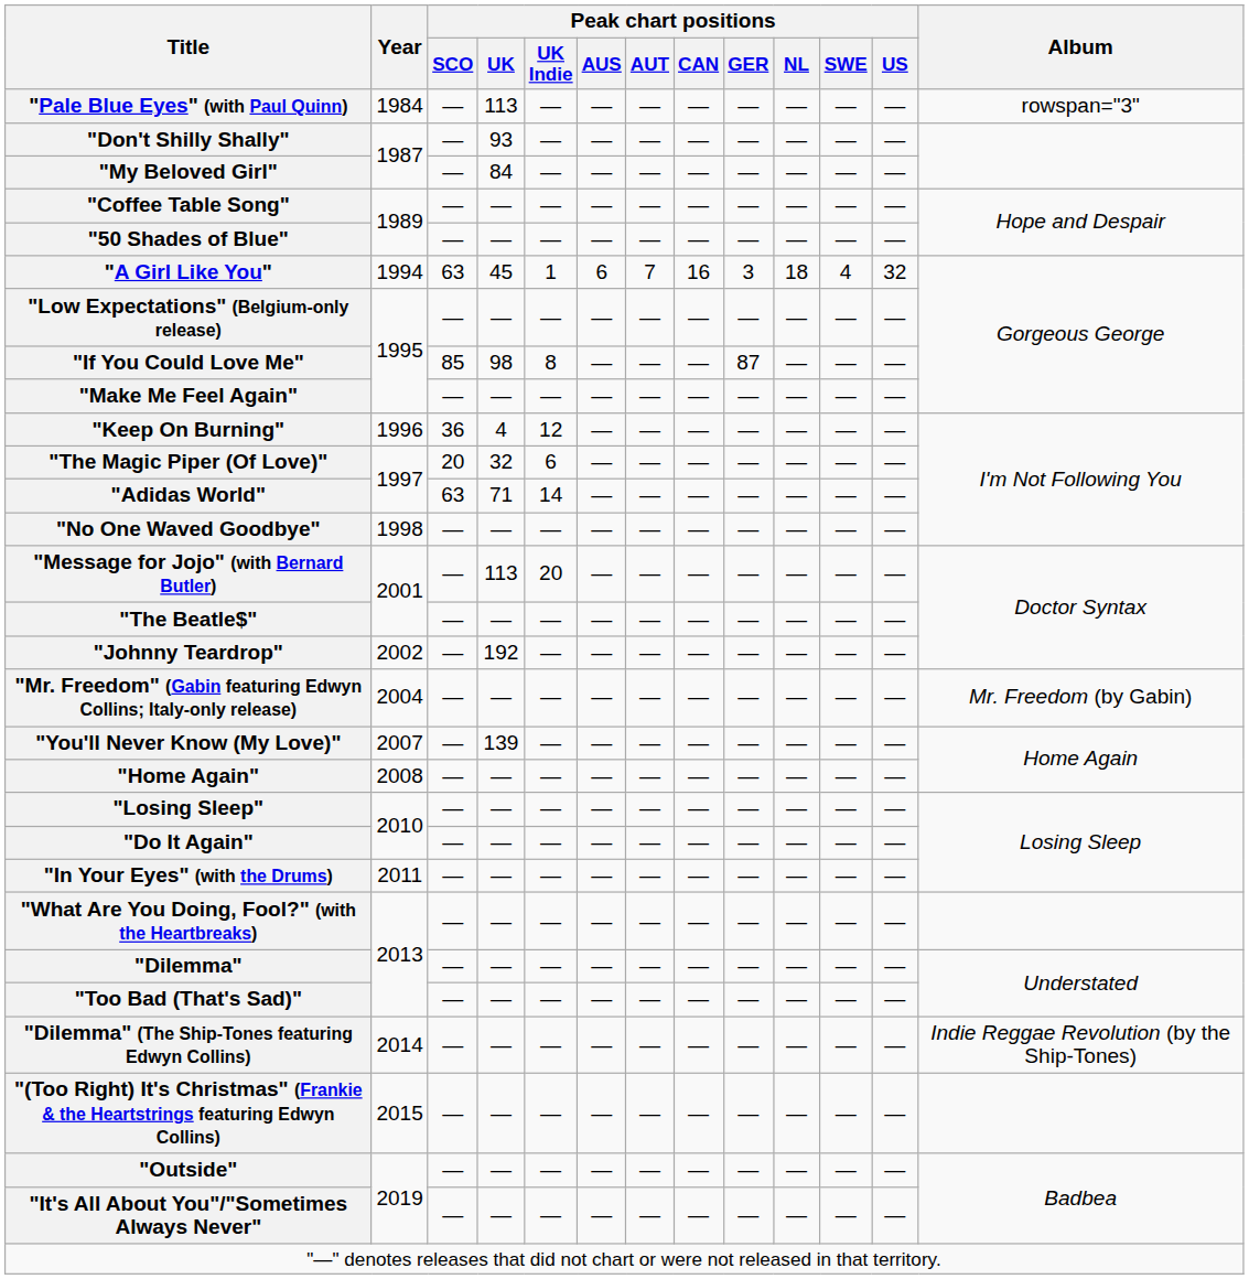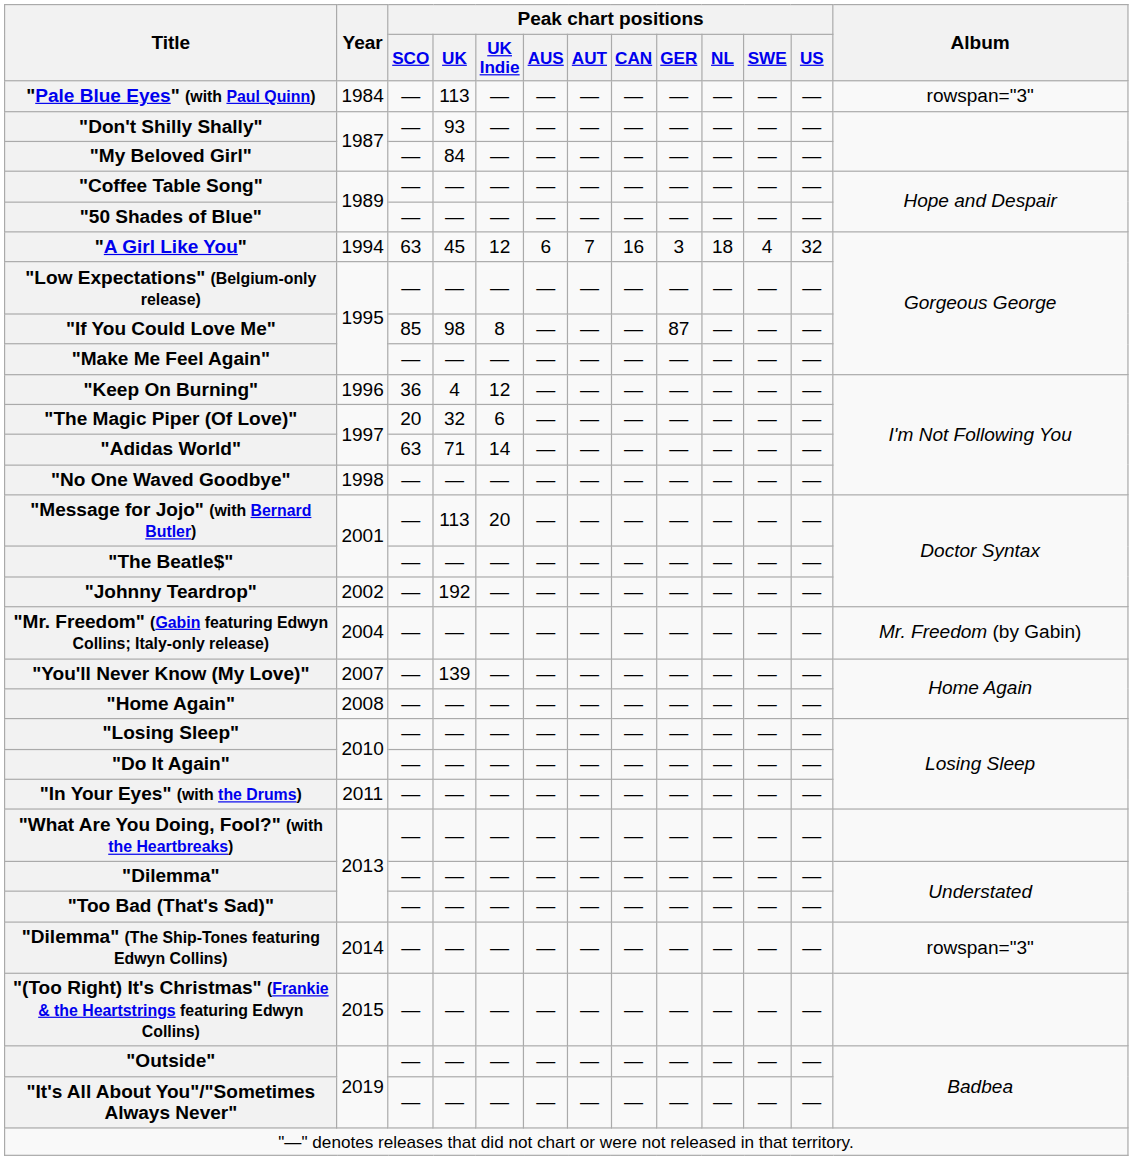 <table class="wikitable plainrowheaders" style="text-align:center;">
 <tr>
 <th rowspan="2" scope="col" style="width:17em;">Title</th>
 <th rowspan="2" scope="col" style="width:2em;">Year</th>
 <th colspan="10">Peak chart positions</th>
 <th rowspan="2" style="width:15em;">Album</th>
 </tr>
 <tr>
 <th scope="col" style="width:2em;font-size:90%;"><a href='#'>SCO</a><br></th>
 <th scope="col" style="width:2em;font-size:90%;"><a href='#'>UK</a><br></th>
 <th scope="col" style="width:2em;font-size:90%;"><a href='#'>UK Indie</a><br></th>
 <th scope="col" style="width:2em;font-size:90%;"><a href='#'>AUS</a><br></th>
 <th scope="col" style="width:2em;font-size:90%;"><a href='#'>AUT</a><br></th>
 <th scope="col" style="width:2em;font-size:90%;"><a href='#'>CAN</a><br></th>
 <th scope="col" style="width:2em;font-size:90%;"><a href='#'>GER</a><br></th>
 <th scope="col" style="width:2em;font-size:90%;"><a href='#'>NL</a><br></th>
 <th scope="col" style="width:2em;font-size:90%;"><a href='#'>SWE</a><br></th>
 <th scope="col" style="width:2em;font-size:90%;"><a href='#'>US</a><br></th>
 </tr>
 <tr>
 <th scope="row">"<a href='#'>Pale Blue Eyes</a>" <small>(with <a href='#'>Paul Quinn</a>)</small></th>
 <td>1984</td>
 <td>—</td>
 <td>113</td>
 <td>—</td>
 <td>—</td>
 <td>—</td>
 <td>—</td>
 <td>—</td>
 <td>—</td>
 <td>—</td>
 <td>—</td>
 <td>rowspan="3" </td>
 </tr>
 <tr>
 <th scope="row">"Don't Shilly Shally"</th>
 <td rowspan="2">1987</td>
 <td>—</td>
 <td>93</td>
 <td>—</td>
 <td>—</td>
 <td>—</td>
 <td>—</td>
 <td>—</td>
 <td>—</td>
 <td>—</td>
 <td>—</td>
 </tr>
 <tr>
 <th scope="row">"My Beloved Girl"</th>
 <td>—</td>
 <td>84</td>
 <td>—</td>
 <td>—</td>
 <td>—</td>
 <td>—</td>
 <td>—</td>
 <td>—</td>
 <td>—</td>
 <td>—</td>
 </tr>
 <tr>
 <th scope="row">"Coffee Table Song"</th>
 <td rowspan="2">1989</td>
 <td>—</td>
 <td>—</td>
 <td>—</td>
 <td>—</td>
 <td>—</td>
 <td>—</td>
 <td>—</td>
 <td>—</td>
 <td>—</td>
 <td>—</td>
 <td rowspan="2"><em>Hope and Despair</em></td>
 </tr>
 <tr>
 <th scope="row">"50 Shades of Blue"</th>
 <td>—</td>
 <td>—</td>
 <td>—</td>
 <td>—</td>
 <td>—</td>
 <td>—</td>
 <td>—</td>
 <td>—</td>
 <td>—</td>
 <td>—</td>
 </tr>
 <tr>
 <th scope="row">"<a href='#'>A Girl Like You</a>"</th>
 <td>1994</td>
 <td>63</td>
 <td>45</td>
-<td>1</td>
+<td>12</td>
 <td>6</td>
 <td>7</td>
 <td>16</td>
 <td>3</td>
 <td>18</td>
 <td>4</td>
 <td>32</td>
 <td rowspan="4"><em>Gorgeous George</em></td>
 </tr>
 <tr>
 <th scope="row">"Low Expectations" <small>(Belgium-only release)</small></th>
 <td rowspan="3">1995</td>
 <td>—</td>
 <td>—</td>
 <td>—</td>
 <td>—</td>
 <td>—</td>
 <td>—</td>
 <td>—</td>
 <td>—</td>
 <td>—</td>
 <td>—</td>
 </tr>
 <tr>
 <th scope="row">"If You Could Love Me"</th>
 <td>85</td>
 <td>98</td>
 <td>8</td>
 <td>—</td>
 <td>—</td>
 <td>—</td>
 <td>87</td>
 <td>—</td>
 <td>—</td>
 <td>—</td>
 </tr>
 <tr>
 <th scope="row">"Make Me Feel Again"</th>
 <td>—</td>
 <td>—</td>
 <td>—</td>
 <td>—</td>
 <td>—</td>
 <td>—</td>
 <td>—</td>
 <td>—</td>
 <td>—</td>
 <td>—</td>
 </tr>
 <tr>
 <th scope="row">"Keep On Burning"</th>
 <td>1996</td>
 <td>36</td>
 <td>4</td>
 <td>12</td>
 <td>—</td>
 <td>—</td>
 <td>—</td>
 <td>—</td>
 <td>—</td>
 <td>—</td>
 <td>—</td>
 <td rowspan="4"><em>I'm Not Following You</em></td>
 </tr>
 <tr>
 <th scope="row">"The Magic Piper (Of Love)"</th>
 <td rowspan="2">1997</td>
 <td>20</td>
 <td>32</td>
 <td>6</td>
 <td>—</td>
 <td>—</td>
 <td>—</td>
 <td>—</td>
 <td>—</td>
 <td>—</td>
 <td>—</td>
 </tr>
 <tr>
 <th scope="row">"Adidas World"</th>
 <td>63</td>
 <td>71</td>
 <td>14</td>
 <td>—</td>
 <td>—</td>
 <td>—</td>
 <td>—</td>
 <td>—</td>
 <td>—</td>
 <td>—</td>
 </tr>
 <tr>
 <th scope="row">"No One Waved Goodbye"</th>
 <td>1998</td>
 <td>—</td>
 <td>—</td>
 <td>—</td>
 <td>—</td>
 <td>—</td>
 <td>—</td>
 <td>—</td>
 <td>—</td>
 <td>—</td>
 <td>—</td>
 </tr>
 <tr>
 <th scope="row">"Message for Jojo" <small>(with <a href='#'>Bernard Butler</a>)</small></th>
 <td rowspan="2">2001</td>
 <td>—</td>
 <td>113</td>
 <td>20</td>
 <td>—</td>
 <td>—</td>
 <td>—</td>
 <td>—</td>
 <td>—</td>
 <td>—</td>
 <td>—</td>
 <td rowspan="3"><em>Doctor Syntax</em></td>
 </tr>
 <tr>
 <th scope="row">"The Beatle$"</th>
 <td>—</td>
 <td>—</td>
 <td>—</td>
 <td>—</td>
 <td>—</td>
 <td>—</td>
 <td>—</td>
 <td>—</td>
 <td>—</td>
 <td>—</td>
 </tr>
 <tr>
 <th scope="row">"Johnny Teardrop"</th>
 <td>2002</td>
 <td>—</td>
 <td>192</td>
 <td>—</td>
 <td>—</td>
 <td>—</td>
 <td>—</td>
 <td>—</td>
 <td>—</td>
 <td>—</td>
 <td>—</td>
 </tr>
 <tr>
 <th scope="row">"Mr. Freedom" <small>(<a href='#'>Gabin</a> featuring Edwyn Collins; Italy-only release)</small></th>
 <td>2004</td>
 <td>—</td>
 <td>—</td>
 <td>—</td>
 <td>—</td>
 <td>—</td>
 <td>—</td>
 <td>—</td>
 <td>—</td>
 <td>—</td>
 <td>—</td>
 <td><em>Mr. Freedom</em> (by Gabin)</td>
 </tr>
 <tr>
 <th scope="row">"You'll Never Know (My Love)"</th>
 <td>2007</td>
 <td>—</td>
 <td>139</td>
 <td>—</td>
 <td>—</td>
 <td>—</td>
 <td>—</td>
 <td>—</td>
 <td>—</td>
 <td>—</td>
 <td>—</td>
 <td rowspan="2"><em>Home Again</em></td>
 </tr>
 <tr>
 <th scope="row">"Home Again"</th>
 <td>2008</td>
 <td>—</td>
 <td>—</td>
 <td>—</td>
 <td>—</td>
 <td>—</td>
 <td>—</td>
 <td>—</td>
 <td>—</td>
 <td>—</td>
 <td>—</td>
 </tr>
 <tr>
 <th scope="row">"Losing Sleep"</th>
 <td rowspan="2">2010</td>
 <td>—</td>
 <td>—</td>
 <td>—</td>
 <td>—</td>
 <td>—</td>
 <td>—</td>
 <td>—</td>
 <td>—</td>
 <td>—</td>
 <td>—</td>
 <td rowspan="3"><em>Losing Sleep</em></td>
 </tr>
 <tr>
 <th scope="row">"Do It Again"</th>
 <td>—</td>
 <td>—</td>
 <td>—</td>
 <td>—</td>
 <td>—</td>
 <td>—</td>
 <td>—</td>
 <td>—</td>
 <td>—</td>
 <td>—</td>
 </tr>
 <tr>
 <th scope="row">"In Your Eyes" <small>(with <a href='#'>the Drums</a>)</small></th>
 <td>2011</td>
 <td>—</td>
 <td>—</td>
 <td>—</td>
 <td>—</td>
 <td>—</td>
 <td>—</td>
 <td>—</td>
 <td>—</td>
 <td>—</td>
 <td>—</td>
 </tr>
 <tr>
 <th scope="row">"What Are You Doing, Fool?" <small>(with <a href='#'>the Heartbreaks</a>)</small></th>
 <td rowspan="3">2013</td>
 <td>—</td>
 <td>—</td>
 <td>—</td>
 <td>—</td>
 <td>—</td>
 <td>—</td>
 <td>—</td>
 <td>—</td>
 <td>—</td>
 <td>—</td>
 <td></td>
 </tr>
 <tr>
 <th scope="row">"Dilemma"</th>
 <td>—</td>
 <td>—</td>
 <td>—</td>
 <td>—</td>
 <td>—</td>
 <td>—</td>
 <td>—</td>
 <td>—</td>
 <td>—</td>
 <td>—</td>
 <td rowspan="2"><em>Understated</em></td>
 </tr>
 <tr>
 <th scope="row">"Too Bad (That's Sad)"</th>
 <td>—</td>
 <td>—</td>
 <td>—</td>
 <td>—</td>
 <td>—</td>
 <td>—</td>
 <td>—</td>
 <td>—</td>
 <td>—</td>
 <td>—</td>
 </tr>
 <tr>
 <th scope="row">"Dilemma" <small>(The Ship-Tones featuring Edwyn Collins)</small></th>
 <td>2014</td>
 <td>—</td>
 <td>—</td>
 <td>—</td>
 <td>—</td>
 <td>—</td>
 <td>—</td>
 <td>—</td>
 <td>—</td>
 <td>—</td>
 <td>—</td>
-<td><em>Indie Reggae Revolution</em> (by the Ship-Tones)</td>
+<td>rowspan="3" </td>
 </tr>
 <tr>
 <th scope="row">"(Too Right) It's Christmas" <small>(<a href='#'>Frankie & the Heartstrings</a> featuring Edwyn Collins)</small></th>
 <td>2015</td>
 <td>—</td>
 <td>—</td>
 <td>—</td>
 <td>—</td>
 <td>—</td>
 <td>—</td>
 <td>—</td>
 <td>—</td>
 <td>—</td>
 <td>—</td>
 <td></td>
 </tr>
 <tr>
 <th scope="row">"Outside"</th>
 <td rowspan="2">2019</td>
 <td>—</td>
 <td>—</td>
 <td>—</td>
 <td>—</td>
 <td>—</td>
 <td>—</td>
 <td>—</td>
 <td>—</td>
 <td>—</td>
 <td>—</td>
 <td rowspan="2"><em>Badbea</em></td>
 </tr>
 <tr>
 <th scope="row">"It's All About You"/"Sometimes Always Never"</th>
 <td>—</td>
 <td>—</td>
 <td>—</td>
 <td>—</td>
 <td>—</td>
 <td>—</td>
 <td>—</td>
 <td>—</td>
 <td>—</td>
 <td>—</td>
 </tr>
 <tr>
 <td colspan="13" style="font-size:90%">"—" denotes releases that did not chart or were not released in that territory.</td>
 </tr>
 </table>
